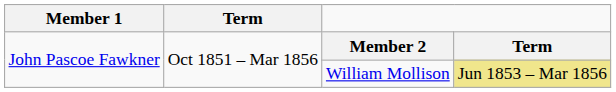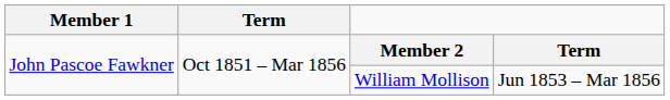 <table class="wikitable">
 <tr>
 <th>Member 1</th>
 <th>Term</th>
 </tr>
 <tr>
 <td rowspan= "2"><a href='#'>John Pascoe Fawkner</a></td>
 <td rowspan= "2">Oct 1851 – Mar 1856</td>
 <th>Member 2</th>
 <th>Term</th>
 </tr>
 <tr>
 <td><a href='#'>William Mollison</a></td>
-<td style="background: khaki;">Jun 1853 – Mar 1856</td>
+<td>Jun 1853 – Mar 1856</td>
 </tr>
 </table>
